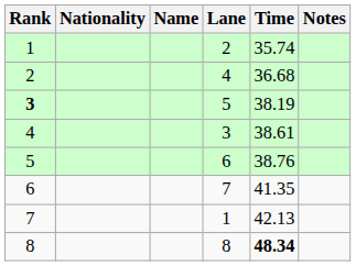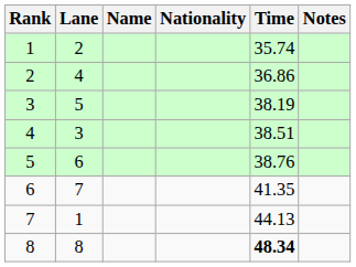 <table class="wikitable sortable" style="text-align:center">
 <tr>
 <th>Rank</th>
+<th>Lane</th>
+<th>Name</th>
 <th>Nationality</th>
-<th>Name</th>
-<th>Lane</th>
 <th>Time</th>
 <th>Notes</th>
 </tr>
 <tr bgcolor=ccffcc>
 <td>1</td>
+<td>2</td>
 <td align=left></td>
 <td align=left></td>
-<td>2</td>
 <td>35.74</td>
 <td><strong></strong></td>
 </tr>
 <tr bgcolor=ccffcc>
 <td>2</td>
+<td>4</td>
 <td align=left></td>
 <td align=left></td>
-<td>4</td>
-<td>36.68</td>
+<td>36.86</td>
 <td><strong></strong></td>
 </tr>
 <tr bgcolor=ccffcc>
-<td><strong>3</strong></td>
+<td>3</td>
+<td>5</td>
 <td align=left></td>
 <td align=left></td>
-<td>5</td>
 <td>38.19</td>
 <td><strong></strong></td>
 </tr>
 <tr bgcolor=ccffcc>
 <td>4</td>
+<td>3</td>
 <td align=left></td>
 <td align=left></td>
-<td>3</td>
-<td>38.61</td>
+<td>38.51</td>
 <td><strong></strong></td>
 </tr>
 <tr bgcolor=ccffcc>
 <td>5</td>
+<td>6</td>
 <td align=left></td>
 <td align=left></td>
-<td>6</td>
 <td>38.76</td>
 <td><strong></strong></td>
 </tr>
 <tr>
 <td>6</td>
+<td>7</td>
 <td align=left></td>
 <td align=left></td>
-<td>7</td>
 <td>41.35</td>
 <td></td>
 </tr>
 <tr>
 <td>7</td>
+<td>1</td>
 <td align=left></td>
 <td align=left></td>
-<td>1</td>
-<td>42.13</td>
+<td>44.13</td>
 <td></td>
 </tr>
 <tr>
 <td>8</td>
+<td>8</td>
 <td align=left></td>
 <td align=left></td>
-<td>8</td>
 <td><strong>48.34</strong></td>
 <td></td>
 </tr>
 </table>
